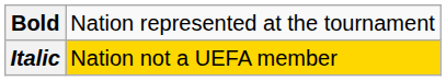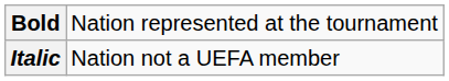 <table class="wikitable" style="font-size:90%;">
 <tr>
 <th><strong>Bold</strong></th>
 <td>Nation represented at the tournament</td>
 </tr>
 <tr>
 <th><em>Italic</em></th>
-<td style="background: gold;">Nation not a UEFA member</td>
+<td>Nation not a UEFA member</td>
 </tr>
 </table>
